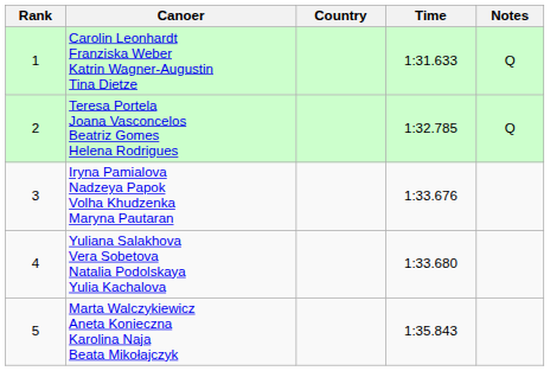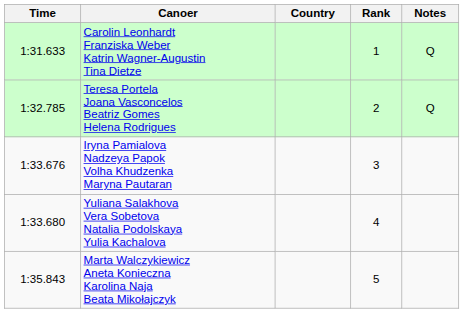 <table class="wikitable sortable" width=50% style="text-align:center;">
 <tr>
-<th>Rank</th>
+<th>Time</th>
 <th>Canoer</th>
 <th>Country</th>
-<th>Time</th>
+<th>Rank</th>
 <th>Notes</th>
 </tr>
 <tr bgcolor=ccffcc>
-<td>1</td>
+<td>1:31.633</td>
 <td align="left"><a href='#'>Carolin Leonhardt</a><br><a href='#'>Franziska Weber</a><br><a href='#'>Katrin Wagner-Augustin</a><br><a href='#'>Tina Dietze</a></td>
 <td align="left"></td>
-<td>1:31.633</td>
+<td>1</td>
 <td>Q</td>
 </tr>
 <tr bgcolor=ccffcc>
-<td>2</td>
+<td>1:32.785</td>
 <td align="left"><a href='#'>Teresa Portela</a><br><a href='#'>Joana Vasconcelos</a><br><a href='#'>Beatriz Gomes</a><br><a href='#'>Helena Rodrigues</a></td>
 <td align="left"></td>
-<td>1:32.785</td>
+<td>2</td>
 <td>Q</td>
 </tr>
 <tr>
-<td>3</td>
+<td>1:33.676</td>
 <td align="left"><a href='#'>Iryna Pamialova</a><br><a href='#'>Nadzeya Papok</a><br><a href='#'>Volha Khudzenka</a><br><a href='#'>Maryna Pautaran</a></td>
 <td align="left"></td>
-<td>1:33.676</td>
+<td>3</td>
 <td></td>
 </tr>
 <tr>
-<td>4</td>
+<td>1:33.680</td>
 <td align="left"><a href='#'>Yuliana Salakhova</a><br><a href='#'>Vera Sobetova</a><br><a href='#'>Natalia Podolskaya</a><br><a href='#'>Yulia Kachalova</a></td>
 <td align="left"></td>
-<td>1:33.680</td>
+<td>4</td>
 <td></td>
 </tr>
 <tr>
-<td>5</td>
+<td>1:35.843</td>
 <td align="left"><a href='#'>Marta Walczykiewicz</a><br><a href='#'>Aneta Konieczna</a><br><a href='#'>Karolina Naja</a><br><a href='#'>Beata Mikołajczyk</a></td>
 <td align="left"></td>
-<td>1:35.843</td>
+<td>5</td>
 <td></td>
 </tr>
 </table>
